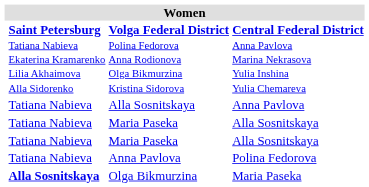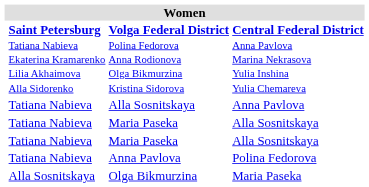 <table>
 <tr bgcolor="DFDFDF">
 <td colspan="5" align="center"><strong>Women</strong></td>
 </tr>
 <tr>
 <td><br></td>
 <td><strong><a href='#'>Saint Petersburg</a></strong><br><small><a href='#'>Tatiana Nabieva</a><br><a href='#'>Ekaterina Kramarenko</a><br><a href='#'>Lilia Akhaimova</a><br><a href='#'>Alla Sidorenko</a></small></td>
 <td><strong><a href='#'>Volga Federal District</a></strong><br><small><a href='#'>Polina Fedorova</a><br><a href='#'>Anna Rodionova</a><br><a href='#'>Olga Bikmurzina</a><br><a href='#'>Kristina Sidorova</a></small></td>
 <td><strong><a href='#'>Central Federal District</a></strong><br><small><a href='#'>Anna Pavlova</a><br><a href='#'>Marina Nekrasova</a><br><a href='#'>Yulia Inshina</a><br><a href='#'>Yulia Chemareva</a></small></td>
 </tr>
 <tr>
 <td><br></td>
 <td><a href='#'>Tatiana Nabieva</a></td>
 <td><a href='#'>Alla Sosnitskaya</a></td>
 <td><a href='#'>Anna Pavlova</a></td>
 </tr>
 <tr>
 <td><br></td>
 <td><a href='#'>Tatiana Nabieva</a></td>
 <td><a href='#'>Maria Paseka</a></td>
 <td><a href='#'>Alla Sosnitskaya</a></td>
 </tr>
 <tr>
 <td><br></td>
 <td><a href='#'>Tatiana Nabieva</a></td>
 <td><a href='#'>Maria Paseka</a></td>
 <td><a href='#'>Alla Sosnitskaya</a></td>
 </tr>
 <tr>
 <td><br></td>
 <td><a href='#'>Tatiana Nabieva</a></td>
 <td><a href='#'>Anna Pavlova</a></td>
 <td><a href='#'>Polina Fedorova</a></td>
 </tr>
 <tr>
 <td><br></td>
-<td><strong><a href='#'>Alla Sosnitskaya</a></strong></td>
+<td><a href='#'>Alla Sosnitskaya</a></td>
 <td><a href='#'>Olga Bikmurzina</a></td>
 <td><a href='#'>Maria Paseka</a></td>
 </tr>
 </table>
